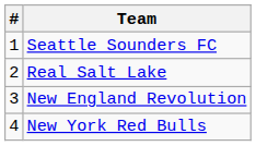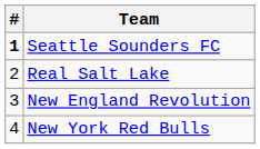 <table class="wikitable">
 <tr>
 <th>#</th>
 <th>Team</th>
 </tr>
 <tr>
-<td>1</td>
+<td><strong>1</strong></td>
 <td><a href='#'>Seattle Sounders FC</a></td>
 </tr>
 <tr>
 <td>2</td>
 <td><a href='#'>Real Salt Lake</a></td>
 </tr>
 <tr>
 <td>3</td>
 <td><a href='#'>New England Revolution</a></td>
 </tr>
 <tr>
 <td>4</td>
 <td><a href='#'>New York Red Bulls</a></td>
 </tr>
 </table>
